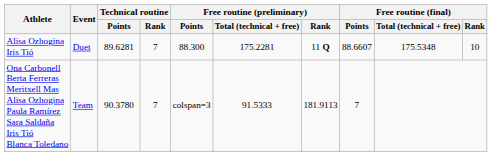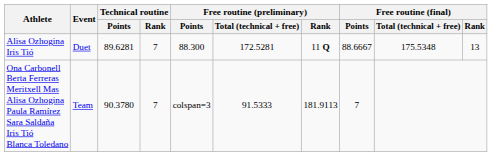 <table class="wikitable" style="font-size:90%">
 <tr>
 <th rowspan="2">Athlete</th>
 <th rowspan="2">Event</th>
 <th colspan=2>Technical routine</th>
 <th colspan=3>Free routine (preliminary)</th>
 <th colspan=3>Free routine (final)</th>
 </tr>
 <tr style="font-size:95%">
 <th>Points</th>
 <th>Rank</th>
 <th>Points</th>
 <th>Total (technical + free)</th>
 <th>Rank</th>
 <th>Points</th>
 <th>Total (technical + free)</th>
 <th>Rank</th>
 </tr>
 <tr align=center>
 <td align=left><a href='#'>Alisa Ozhogina</a><br><a href='#'>Iris Tió</a></td>
 <td align=left><a href='#'>Duet</a></td>
 <td>89.6281</td>
 <td>7</td>
 <td>88.300</td>
-<td>175.2281</td>
+<td>172.5281</td>
 <td>11 <strong>Q</strong></td>
-<td>88.6607</td>
+<td>88.6667</td>
 <td>175.5348</td>
-<td>10</td>
+<td>13</td>
 </tr>
 <tr align=center>
 <td align=left><a href='#'>Ona Carbonell</a><br><a href='#'>Berta Ferreras</a><br><a href='#'>Meritxell Mas</a><br><a href='#'>Alisa Ozhogina</a><br><a href='#'>Paula Ramírez</a><br><a href='#'>Sara Saldaña</a><br><a href='#'>Iris Tió</a><br><a href='#'>Blanca Toledano</a></td>
 <td align=left><a href='#'>Team</a></td>
 <td>90.3780</td>
 <td>7</td>
 <td>colspan=3 </td>
 <td>91.5333</td>
 <td>181.9113</td>
 <td>7</td>
 </tr>
 </table>
